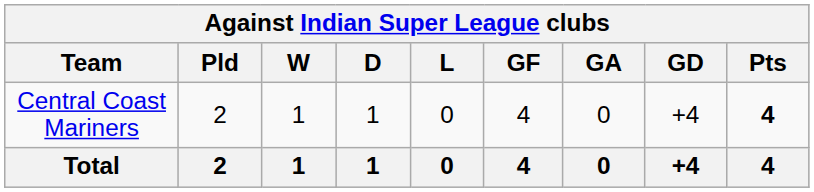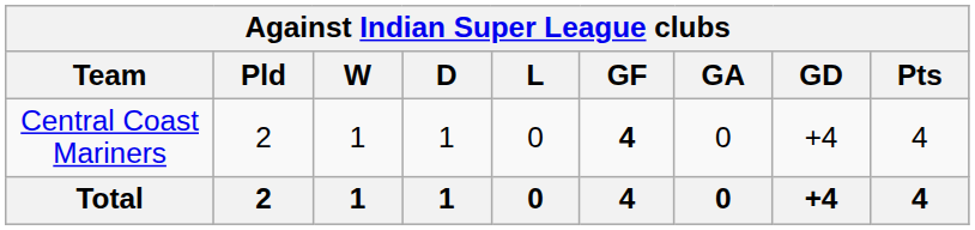 <table width=60% class="wikitable" style="text-align:center">
 <tr>
 <th colspan=9>Against <a href='#'>Indian Super League</a> clubs</th>
 </tr>
 <tr>
 <th width=10%>Team</th>
 <th width=5%>Pld</th>
 <th width=5%>W</th>
 <th width=5%>D</th>
 <th width=5%>L</th>
 <th width=5%>GF</th>
 <th width=5%>GA</th>
 <th width=5%>GD</th>
 <th width=5%>Pts</th>
 </tr>
 <tr>
 <td align=center><a href='#'>Central Coast Mariners</a></td>
 <td>2</td>
 <td>1</td>
 <td>1</td>
 <td>0</td>
-<td>4</td>
+<td><strong>4</strong></td>
 <td>0</td>
 <td>+4</td>
-<td><strong>4</strong></td>
+<td>4</td>
 </tr>
 <tr>
 <th>Total</th>
 <th>2</th>
 <th>1</th>
 <th>1</th>
 <th>0</th>
 <th>4</th>
 <th>0</th>
 <th>+4</th>
 <th>4</th>
 </tr>
 </table>
